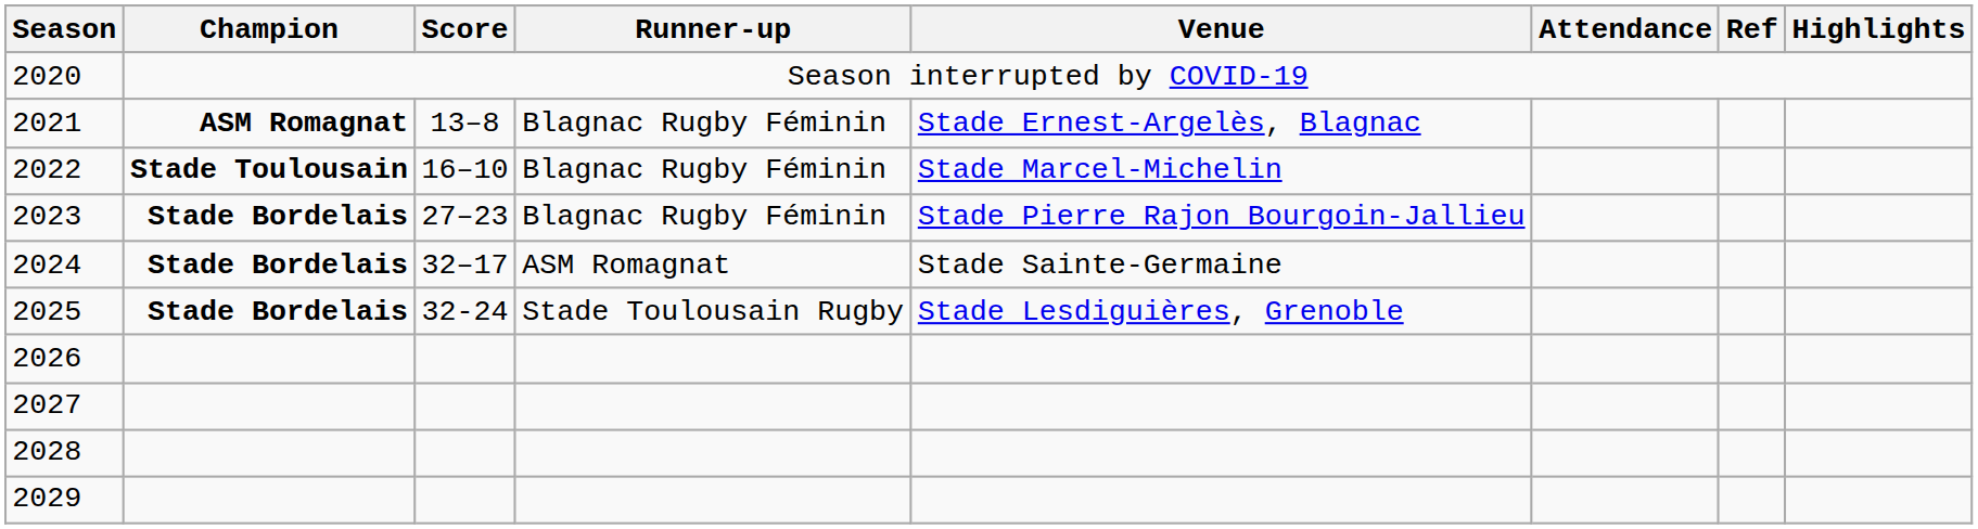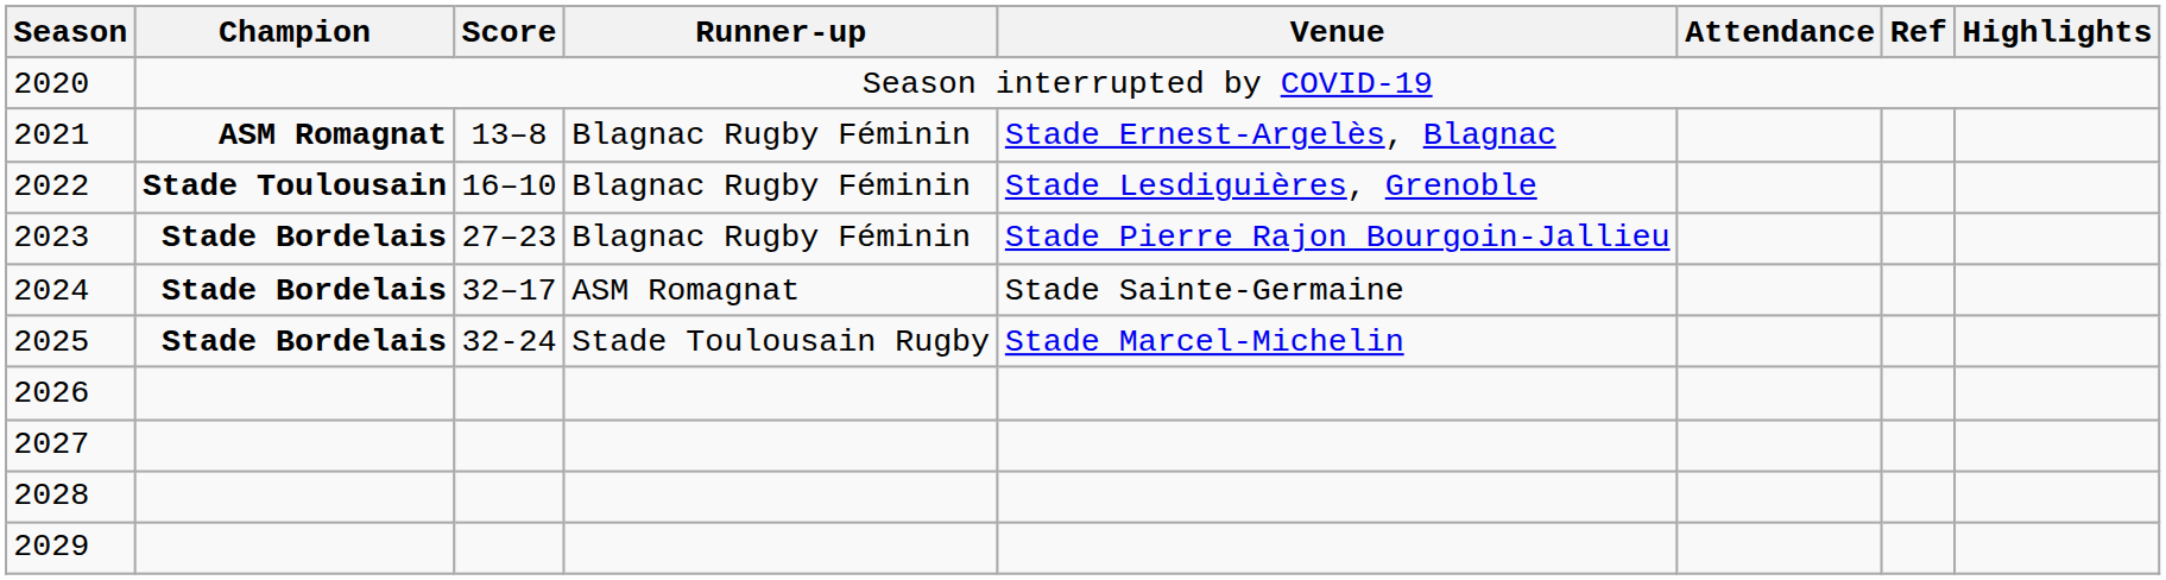 <table class="wikitable">
 <tr>
 <th>Season</th>
 <th> Champion</th>
 <th>Score</th>
 <th> Runner-up</th>
 <th>Venue</th>
 <th>Attendance</th>
 <th>Ref</th>
 <th>Highlights</th>
 </tr>
 <tr>
 <td>2020</td>
 <td align=center colspan="7">Season interrupted by <a href='#'>COVID-19</a></td>
 </tr>
 <tr>
 <td>2021</td>
 <td style="text-align:right;"><strong>ASM Romagnat</strong></td>
 <td style="text-align:center;">13–8</td>
 <td style="text-align:left;">Blagnac Rugby Féminin</td>
 <td><a href='#'>Stade Ernest-Argelès</a>, <a href='#'>Blagnac</a></td>
 <td></td>
 <td></td>
 <td></td>
 </tr>
 <tr>
 <td>2022</td>
 <td style="text-align:right;"><strong>Stade Toulousain</strong></td>
 <td style="text-align:center;">16–10</td>
 <td style="text-align:left;">Blagnac Rugby Féminin</td>
-<td><a href='#'>Stade Marcel-Michelin</a></td>
+<td><a href='#'>Stade Lesdiguières</a>, <a href='#'>Grenoble</a></td>
 <td></td>
 <td></td>
 <td></td>
 </tr>
 <tr>
 <td>2023</td>
 <td style="text-align:right;"><strong>Stade Bordelais</strong></td>
 <td style="text-align:center;">27–23</td>
 <td style="text-align:left;">Blagnac Rugby Féminin</td>
 <td><a href='#'>Stade Pierre Rajon Bourgoin-Jallieu</a></td>
 <td></td>
 <td></td>
 <td></td>
 </tr>
 <tr>
 <td>2024</td>
 <td style="text-align:right;"><strong>Stade Bordelais</strong></td>
 <td style="text-align:center;">32–17</td>
 <td style="text-align:left;">ASM Romagnat</td>
 <td>Stade Sainte-Germaine</td>
 <td></td>
 <td></td>
 <td></td>
 </tr>
 <tr>
 <td>2025</td>
 <td style="text-align:right;"><strong>Stade Bordelais</strong></td>
 <td style="text-align:center;">32-24</td>
 <td style="text-align:left;">Stade Toulousain Rugby</td>
-<td><a href='#'>Stade Lesdiguières</a>, <a href='#'>Grenoble</a></td>
+<td><a href='#'>Stade Marcel-Michelin</a></td>
 <td></td>
 <td></td>
 <td></td>
 </tr>
 <tr>
 <td>2026</td>
 <td align="right"></td>
 <td></td>
 <td align="left"></td>
 <td></td>
 <td></td>
 <td></td>
 <td></td>
 </tr>
 <tr>
 <td>2027</td>
 <td align="right"></td>
 <td></td>
 <td align="left"></td>
 <td></td>
 <td></td>
 <td></td>
 <td></td>
 </tr>
 <tr>
 <td>2028</td>
 <td align="right"></td>
 <td></td>
 <td align="left"></td>
 <td></td>
 <td></td>
 <td></td>
 <td></td>
 </tr>
 <tr>
 <td>2029</td>
 <td align="right"></td>
 <td></td>
 <td align="left"></td>
 <td></td>
 <td></td>
 <td></td>
 <td></td>
 </tr>
 </table>
